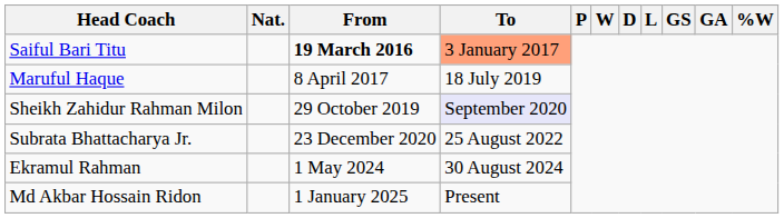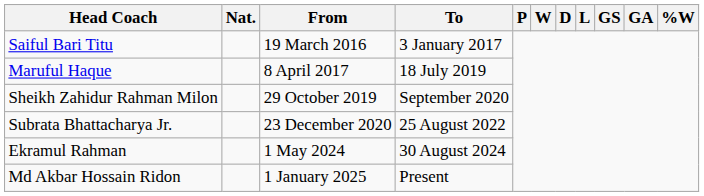 <table class="wikitable sortable" style="text-align: center">
 <tr>
 <th>Head Coach</th>
 <th>Nat.</th>
 <th class="unsortable">From</th>
 <th class="unsortable">To</th>
 <th abbr="1">P</th>
 <th abbr="1">W</th>
 <th abbr="0">D</th>
 <th abbr="1">L</th>
 <th abbr="2">GS</th>
 <th abbr="4">GA</th>
 <th abbr="50">%W</th>
 </tr>
 <tr>
 <td align=left><a href='#'>Saiful Bari Titu</a></td>
 <td align=left></td>
-<td align=left><strong>19 March 2016</strong></td>
-<td align=left style="background: lightsalmon;">3 January 2017<br></td>
+<td align=left>19 March 2016</td>
+<td align=left>3 January 2017<br></td>
 </tr>
 <tr>
 <td align=left><a href='#'>Maruful Haque</a></td>
 <td align=left></td>
 <td align=left>8 April 2017</td>
 <td align=left>18 July 2019<br></td>
 </tr>
 <tr>
 <td align=left>Sheikh Zahidur Rahman Milon</td>
 <td align=left></td>
 <td align=left>29 October 2019</td>
-<td align=left style="background: lavender;">September 2020<br></td>
+<td align=left>September 2020<br></td>
 </tr>
 <tr>
 <td align=left>Subrata Bhattacharya Jr.</td>
 <td align=left></td>
 <td align=left>23 December 2020</td>
 <td align=left>25 August 2022<br></td>
 </tr>
 <tr>
 <td align=left>Ekramul Rahman</td>
 <td align=left></td>
 <td align=left>1 May 2024</td>
 <td align=left>30 August 2024<br></td>
 </tr>
 <tr>
 <td align=left>Md Akbar Hossain Ridon</td>
 <td align=left></td>
 <td align=left>1 January 2025</td>
 <td align=left>Present<br></td>
 </tr>
 </table>
